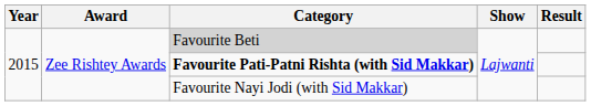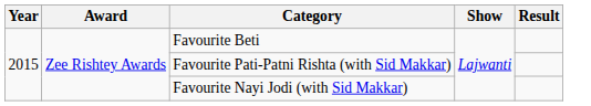 <table class="wikitable">
 <tr>
 <th>Year</th>
 <th>Award</th>
 <th>Category</th>
 <th>Show</th>
 <th>Result</th>
 </tr>
 <tr>
 <td rowspan="3">2015</td>
 <td rowspan="3"><a href='#'>Zee Rishtey Awards</a></td>
-<td style="background: lightgrey;">Favourite Beti</td>
+<td>Favourite Beti</td>
 <td rowspan="3"><em><a href='#'>Lajwanti</a></em></td>
 <td></td>
 </tr>
 <tr>
-<td><strong>Favourite Pati-Patni Rishta (with <a href='#'>Sid Makkar</a>)</strong></td>
+<td>Favourite Pati-Patni Rishta (with <a href='#'>Sid Makkar</a>)</td>
 <td></td>
 </tr>
 <tr>
 <td>Favourite Nayi Jodi (with <a href='#'>Sid Makkar</a>)</td>
 <td></td>
 </tr>
 </table>
